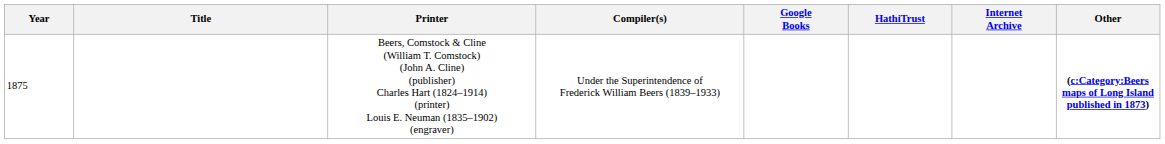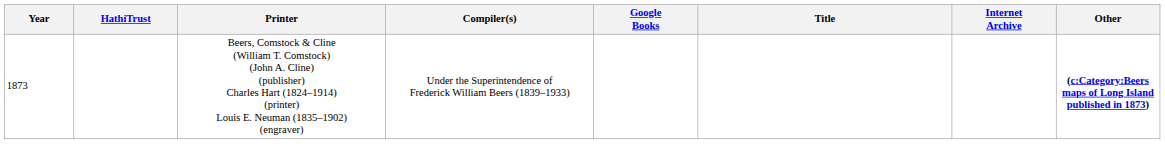 <table class="wikitable collapsible sortable" border="0" cellpadding="1" style="color:black; background-color: #FFFFFF; font-size: 90%; width:100%">
 <tr>
 <th>Year</th>
-<th>Title</th>
+<th><a href='#'>HathiTrust</a></th>
 <th>Printer</th>
 <th>Compiler(s)</th>
 <th><a href='#'>Google<br>Books</a></th>
-<th><a href='#'>HathiTrust</a></th>
+<th>Title</th>
 <th><a href='#'>Internet<br>Archive</a></th>
 <th>Other</th>
 </tr>
 <tr>
-<td width="6%">1875</td>
-<td width="22%" data-sort-value="new utrecht 1873"></td>
+<td width="6%">1873</td>
+<td style="text-align:center" width="9%"></td>
 <td style="text-align:center" width="18%" data-sort-value="beers 1873">Beers, Comstock & Cline<br>(William T. Comstock)<br>(John A. Cline)<br>(publisher)<br>Charles Hart (1824–1914)<br>(printer)<br>Louis E. Neuman (1835–1902)<br>(engraver)</td>
 <td style="text-align:center" width="18%" data-sort-value="beers 1873">Under the Superintendence of<br>Frederick William Beers (1839–1933)</td>
 <td style="text-align:center" width="9%"></td>
-<td style="text-align:center" width="9%"></td>
+<td width="22%" data-sort-value="new utrecht 1873"></td>
 <td style="text-align:center" width="9%"></td>
 <td style="text-align:center" width="9%" data-sort-value="NYPL"><strong><br>(<a href='#'>c:Category:Beers maps of Long Island published in 1873</a>)</strong></td>
 </tr>
 </table>
